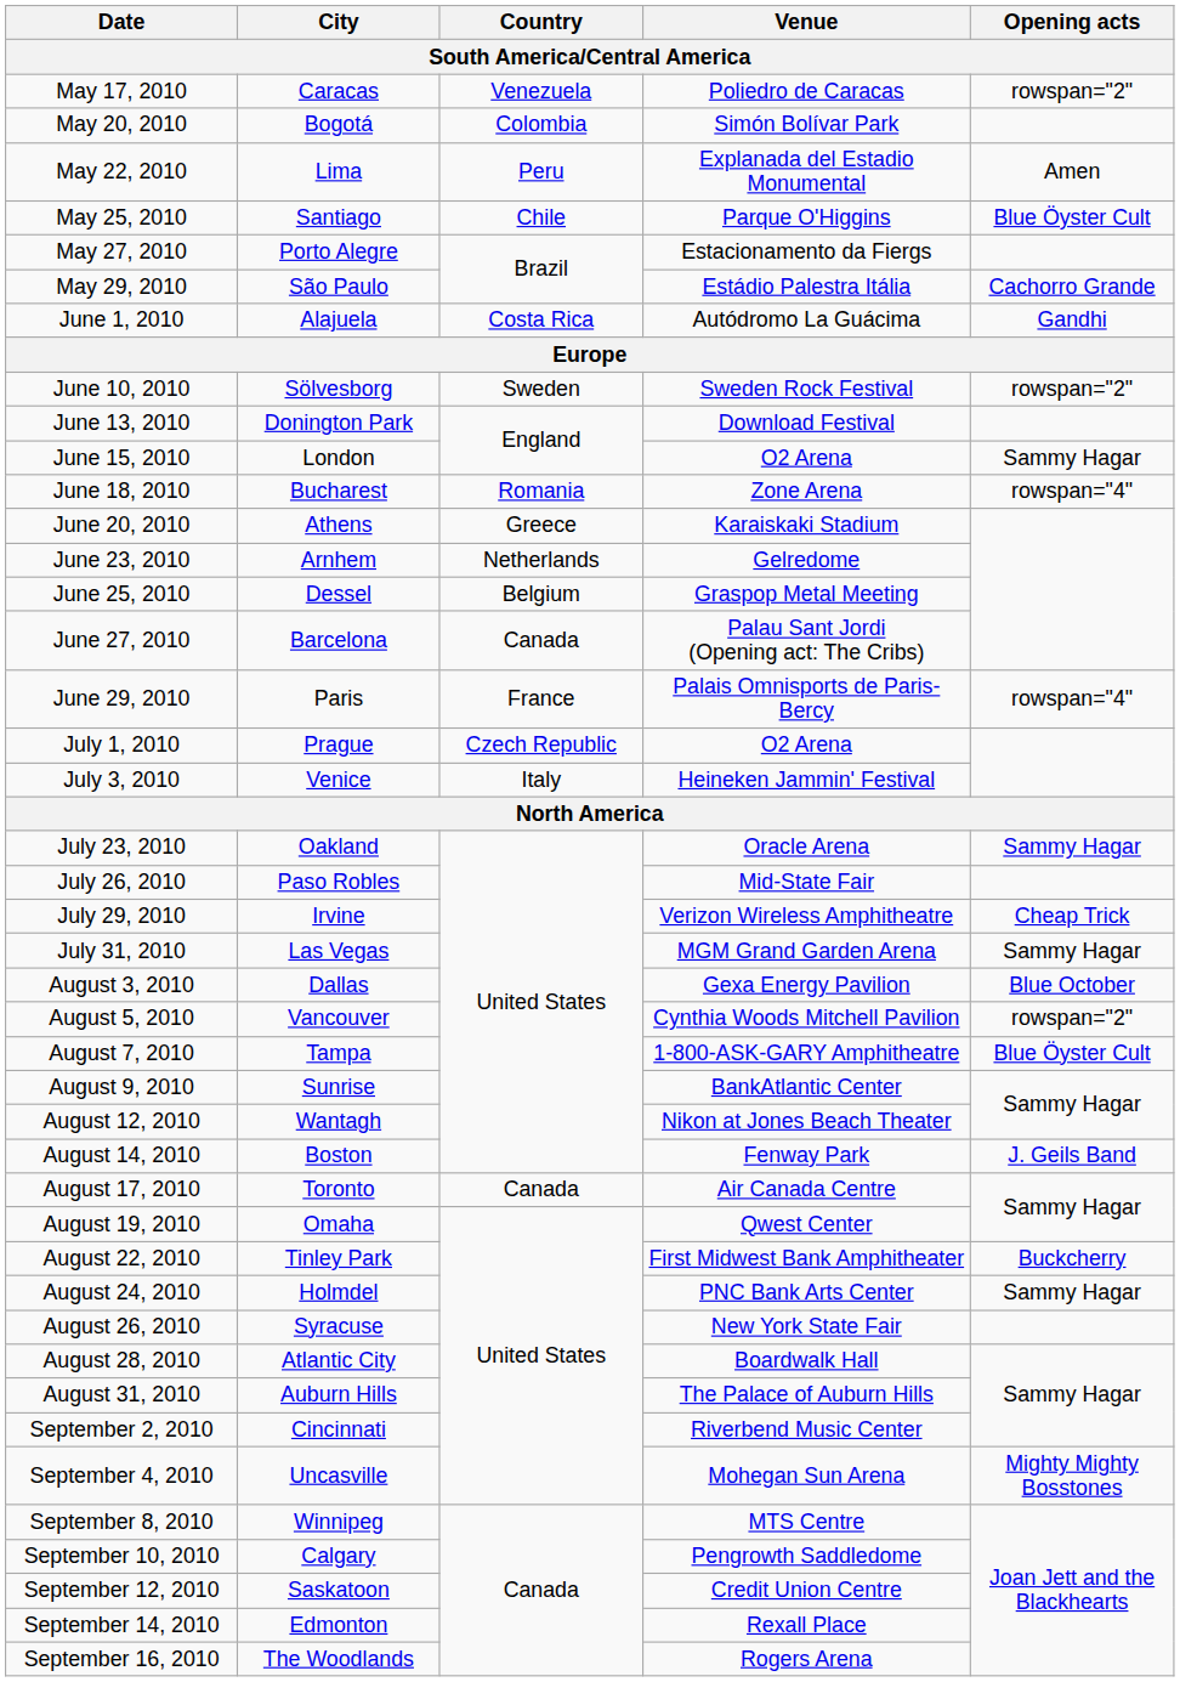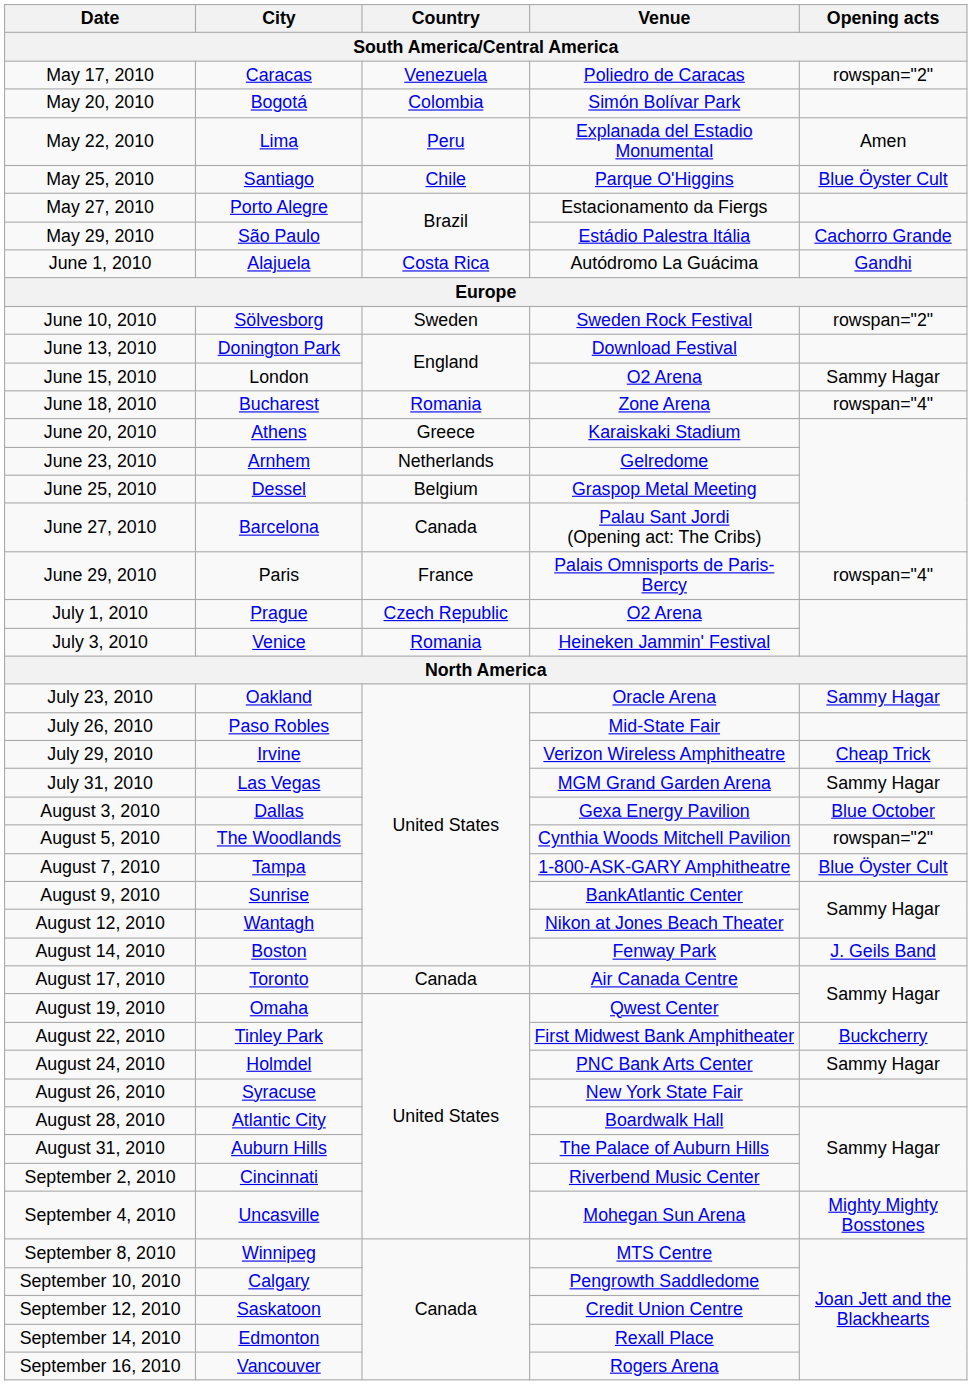 <table class="wikitable" style="text-align:center;">
 <tr>
 <th width="175">Date</th>
 <th width="150">City</th>
 <th width="150">Country</th>
 <th width="250">Venue</th>
 <th width="150">Opening acts</th>
 </tr>
 <tr>
 <th colspan="5">South America/Central America</th>
 </tr>
 <tr>
 <td>May 17, 2010</td>
 <td><a href='#'>Caracas</a></td>
 <td><a href='#'>Venezuela</a></td>
 <td><a href='#'>Poliedro de Caracas</a></td>
 <td>rowspan="2" </td>
 </tr>
 <tr>
 <td>May 20, 2010</td>
 <td><a href='#'>Bogotá</a></td>
 <td><a href='#'>Colombia</a></td>
 <td><a href='#'>Simón Bolívar Park</a></td>
 </tr>
 <tr>
 <td>May 22, 2010</td>
 <td><a href='#'>Lima</a></td>
 <td><a href='#'>Peru</a></td>
 <td><a href='#'>Explanada del Estadio Monumental</a></td>
 <td>Amen</td>
 </tr>
 <tr>
 <td>May 25, 2010</td>
 <td><a href='#'>Santiago</a></td>
 <td><a href='#'>Chile</a></td>
 <td><a href='#'>Parque O'Higgins</a></td>
 <td><a href='#'>Blue Öyster Cult</a></td>
 </tr>
 <tr>
 <td>May 27, 2010</td>
 <td><a href='#'>Porto Alegre</a></td>
 <td rowspan="2">Brazil</td>
 <td>Estacionamento da Fiergs</td>
 </tr>
 <tr>
 <td>May 29, 2010</td>
 <td><a href='#'>São Paulo</a></td>
 <td><a href='#'>Estádio Palestra Itália</a></td>
 <td><a href='#'>Cachorro Grande</a></td>
 </tr>
 <tr>
 <td>June 1, 2010</td>
 <td><a href='#'>Alajuela</a></td>
 <td><a href='#'>Costa Rica</a></td>
 <td>Autódromo La Guácima</td>
 <td><a href='#'>Gandhi</a></td>
 </tr>
 <tr>
 <th colspan="5">Europe</th>
 </tr>
 <tr>
 <td>June 10, 2010</td>
 <td><a href='#'>Sölvesborg</a></td>
 <td>Sweden</td>
 <td><a href='#'>Sweden Rock Festival</a></td>
 <td>rowspan="2" </td>
 </tr>
 <tr>
 <td>June 13, 2010</td>
 <td><a href='#'>Donington Park</a></td>
 <td rowspan="2">England</td>
 <td><a href='#'>Download Festival</a></td>
 </tr>
 <tr>
 <td>June 15, 2010</td>
 <td>London</td>
 <td><a href='#'>O2 Arena</a></td>
 <td>Sammy Hagar</td>
 </tr>
 <tr>
 <td>June 18, 2010</td>
 <td><a href='#'>Bucharest</a></td>
 <td><a href='#'>Romania</a></td>
 <td><a href='#'>Zone Arena</a></td>
 <td>rowspan="4" </td>
 </tr>
 <tr>
 <td>June 20, 2010</td>
 <td><a href='#'>Athens</a></td>
 <td>Greece</td>
 <td><a href='#'>Karaiskaki Stadium</a></td>
 </tr>
 <tr>
 <td>June 23, 2010</td>
 <td><a href='#'>Arnhem</a></td>
 <td>Netherlands</td>
 <td><a href='#'>Gelredome</a></td>
 </tr>
 <tr>
 <td>June 25, 2010</td>
 <td><a href='#'>Dessel</a></td>
 <td>Belgium</td>
 <td><a href='#'>Graspop Metal Meeting</a></td>
 </tr>
 <tr>
 <td>June 27, 2010</td>
 <td><a href='#'>Barcelona</a></td>
 <td>Canada</td>
 <td><a href='#'>Palau Sant Jordi</a><br>(Opening act: The Cribs)</td>
 </tr>
 <tr>
 <td>June 29, 2010</td>
 <td>Paris</td>
 <td>France</td>
 <td><a href='#'>Palais Omnisports de Paris-Bercy</a></td>
 <td>rowspan="4" </td>
 </tr>
 <tr>
 <td>July 1, 2010</td>
 <td><a href='#'>Prague</a></td>
 <td><a href='#'>Czech Republic</a></td>
 <td><a href='#'>O2 Arena</a></td>
 </tr>
 <tr>
 <td>July 3, 2010</td>
 <td><a href='#'>Venice</a></td>
-<td>Italy</td>
+<td><a href='#'>Romania</a></td>
 <td><a href='#'>Heineken Jammin' Festival</a></td>
 </tr>
 <tr>
 <th colspan="5">North America</th>
 </tr>
 <tr>
 <td>July 23, 2010</td>
 <td><a href='#'>Oakland</a></td>
 <td rowspan="10">United States</td>
 <td><a href='#'>Oracle Arena</a></td>
 <td><a href='#'>Sammy Hagar</a></td>
 </tr>
 <tr>
 <td>July 26, 2010</td>
 <td><a href='#'>Paso Robles</a></td>
 <td><a href='#'>Mid-State Fair</a></td>
 <td></td>
 </tr>
 <tr>
 <td>July 29, 2010</td>
 <td><a href='#'>Irvine</a></td>
 <td><a href='#'>Verizon Wireless Amphitheatre</a></td>
 <td><a href='#'>Cheap Trick</a></td>
 </tr>
 <tr>
 <td>July 31, 2010</td>
 <td><a href='#'>Las Vegas</a></td>
 <td><a href='#'>MGM Grand Garden Arena</a></td>
 <td>Sammy Hagar</td>
 </tr>
 <tr>
 <td>August 3, 2010</td>
 <td><a href='#'>Dallas</a></td>
 <td><a href='#'>Gexa Energy Pavilion</a></td>
 <td><a href='#'>Blue October</a></td>
 </tr>
 <tr>
 <td>August 5, 2010</td>
-<td><a href='#'>Vancouver</a></td>
+<td><a href='#'>The Woodlands</a></td>
 <td><a href='#'>Cynthia Woods Mitchell Pavilion</a></td>
 <td>rowspan="2" </td>
 </tr>
 <tr>
 <td>August 7, 2010</td>
 <td><a href='#'>Tampa</a></td>
 <td><a href='#'>1-800-ASK-GARY Amphitheatre</a></td>
 <td><a href='#'>Blue Öyster Cult</a></td>
 </tr>
 <tr>
 <td>August 9, 2010</td>
 <td><a href='#'>Sunrise</a></td>
 <td><a href='#'>BankAtlantic Center</a></td>
 <td rowspan="2">Sammy Hagar</td>
 </tr>
 <tr>
 <td>August 12, 2010</td>
 <td><a href='#'>Wantagh</a></td>
 <td><a href='#'>Nikon at Jones Beach Theater</a></td>
 </tr>
 <tr>
 <td>August 14, 2010</td>
 <td><a href='#'>Boston</a></td>
 <td><a href='#'>Fenway Park</a></td>
 <td><a href='#'>J. Geils Band</a></td>
 </tr>
 <tr>
 <td>August 17, 2010</td>
 <td><a href='#'>Toronto</a></td>
 <td>Canada</td>
 <td><a href='#'>Air Canada Centre</a></td>
 <td rowspan="2">Sammy Hagar</td>
 </tr>
 <tr>
 <td>August 19, 2010</td>
 <td><a href='#'>Omaha</a></td>
 <td rowspan="8">United States</td>
 <td><a href='#'>Qwest Center</a></td>
 </tr>
 <tr>
 <td>August 22, 2010</td>
 <td><a href='#'>Tinley Park</a></td>
 <td><a href='#'>First Midwest Bank Amphitheater</a></td>
 <td><a href='#'>Buckcherry</a></td>
 </tr>
 <tr>
 <td>August 24, 2010</td>
 <td><a href='#'>Holmdel</a></td>
 <td><a href='#'>PNC Bank Arts Center</a></td>
 <td>Sammy Hagar</td>
 </tr>
 <tr>
 <td>August 26, 2010</td>
 <td><a href='#'>Syracuse</a></td>
 <td><a href='#'>New York State Fair</a></td>
 <td></td>
 </tr>
 <tr>
 <td>August 28, 2010</td>
 <td><a href='#'>Atlantic City</a></td>
 <td><a href='#'>Boardwalk Hall</a></td>
 <td rowspan="3">Sammy Hagar</td>
 </tr>
 <tr>
 <td>August 31, 2010</td>
 <td><a href='#'>Auburn Hills</a></td>
 <td><a href='#'>The Palace of Auburn Hills</a></td>
 </tr>
 <tr>
 <td>September 2, 2010</td>
 <td><a href='#'>Cincinnati</a></td>
 <td><a href='#'>Riverbend Music Center</a></td>
 </tr>
 <tr>
 <td>September 4, 2010</td>
 <td><a href='#'>Uncasville</a></td>
 <td><a href='#'>Mohegan Sun Arena</a></td>
 <td><a href='#'>Mighty Mighty Bosstones</a></td>
 </tr>
 <tr>
 <td>September 8, 2010</td>
 <td><a href='#'>Winnipeg</a></td>
 <td rowspan="5">Canada</td>
 <td><a href='#'>MTS Centre</a></td>
 <td rowspan="5"><a href='#'>Joan Jett and the Blackhearts</a></td>
 </tr>
 <tr>
 <td>September 10, 2010</td>
 <td><a href='#'>Calgary</a></td>
 <td><a href='#'>Pengrowth Saddledome</a></td>
 </tr>
 <tr>
 <td>September 12, 2010</td>
 <td><a href='#'>Saskatoon</a></td>
 <td><a href='#'>Credit Union Centre</a></td>
 </tr>
 <tr>
 <td>September 14, 2010</td>
 <td><a href='#'>Edmonton</a></td>
 <td><a href='#'>Rexall Place</a></td>
 </tr>
 <tr>
 <td>September 16, 2010</td>
-<td><a href='#'>The Woodlands</a></td>
+<td><a href='#'>Vancouver</a></td>
 <td><a href='#'>Rogers Arena</a></td>
 </tr>
 </table>
